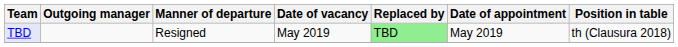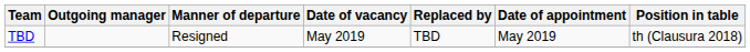 <table class="wikitable">
 <tr>
 <th>Team</th>
 <th>Outgoing manager</th>
 <th>Manner of departure</th>
 <th>Date of vacancy</th>
 <th>Replaced by</th>
 <th>Date of appointment</th>
 <th>Position in table</th>
 </tr>
 <tr>
-<td style="background: lavender;"><a href='#'>TBD</a></td>
+<td><a href='#'>TBD</a></td>
 <td></td>
 <td>Resigned</td>
 <td>May 2019</td>
-<td style="background: lightgreen;"> TBD</td>
+<td> TBD</td>
 <td>May 2019</td>
 <td>th (Clausura 2018)</td>
 </tr>
 <tr>
 </tr>
 </table>
